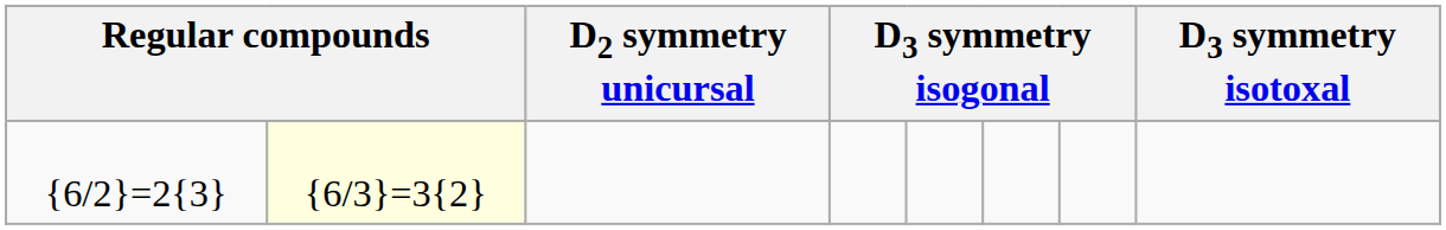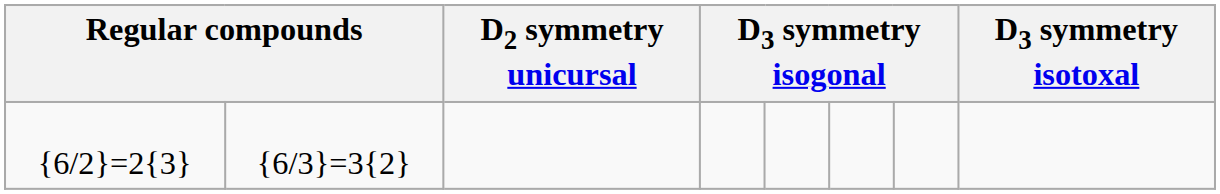 <table class="wikitable skin-invert-image" width=600>
 <tr valign=top>
 <th colspan=2>Regular compounds</th>
 <th>D<sub>2</sub> symmetry<br><a href='#'>unicursal</a></th>
 <th colspan=4>D<sub>3</sub> symmetry<br><a href='#'>isogonal</a></th>
 <th colspan=2>D<sub>3</sub> symmetry<br><a href='#'>isotoxal</a></th>
 </tr>
 <tr align=center valign=top>
 <td><br>{6/2}=2{3}</td>
-<td style="background: lightyellow;"><br>{6/3}=3{2}</td>
+<td><br>{6/3}=3{2}</td>
 <td></td>
 <td></td>
 <td></td>
 <td></td>
 <td></td>
 <td></td>
 </tr>
 </table>
